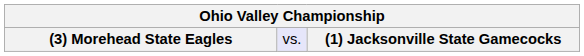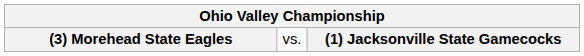 <table class="wikitable">
 <tr>
 <th style="width: 604px;" colspan=3>Ohio Valley Championship</th>
 </tr>
 <tr>
 <th style="width: 289px; ">(3) Morehead State Eagles</th>
-<td style="background: lavender; width: 25px; text-align:center">vs.</td>
+<td style="width: 25px; text-align:center">vs.</td>
 <th style="width: 289px; ">(1) Jacksonville State Gamecocks</th>
 </tr>
 </table>
